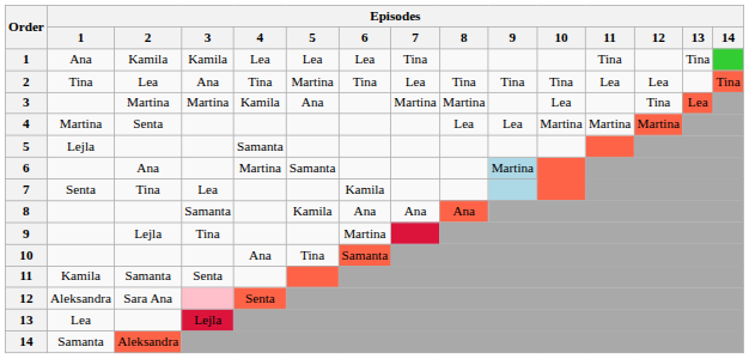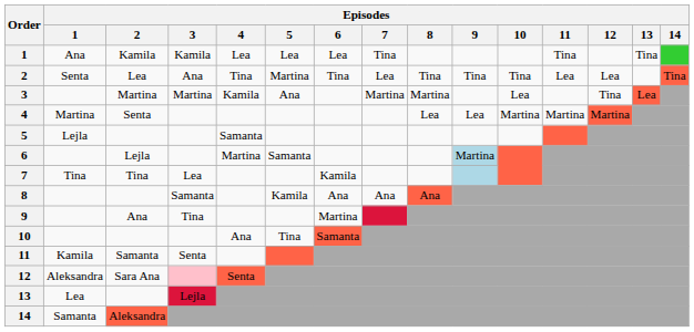 <table class="wikitable" style="text-align:center; font-size:92%">
 <tr>
 <th rowspan=2>Order</th>
 <th colspan=14>Episodes</th>
 </tr>
 <tr>
 <th>1</th>
 <th>2</th>
 <th>3</th>
 <th>4</th>
 <th>5</th>
 <th>6</th>
 <th>7</th>
 <th>8</th>
 <th>9</th>
 <th>10</th>
 <th>11</th>
 <th>12</th>
 <th>13</th>
 <th>14</th>
 </tr>
 <tr>
 <th>1</th>
 <td>Ana</td>
 <td>Kamila</td>
 <td>Kamila</td>
 <td>Lea</td>
 <td>Lea</td>
 <td>Lea</td>
 <td>Tina</td>
 <td></td>
 <td></td>
 <td></td>
 <td>Tina</td>
 <td></td>
 <td>Tina</td>
 <td style="background:limegreen;"></td>
 </tr>
 <tr>
 <th>2</th>
-<td>Tina</td>
+<td>Senta</td>
 <td>Lea</td>
 <td>Ana</td>
 <td>Tina</td>
 <td>Martina</td>
 <td>Tina</td>
 <td>Lea</td>
 <td>Tina</td>
 <td>Tina</td>
 <td>Tina</td>
 <td>Lea</td>
 <td>Lea</td>
 <td></td>
 <td style="background:tomato;">Tina</td>
 </tr>
 <tr>
 <th>3</th>
 <td></td>
 <td>Martina</td>
 <td>Martina</td>
 <td>Kamila</td>
 <td>Ana</td>
 <td></td>
 <td>Martina</td>
 <td>Martina</td>
 <td></td>
 <td>Lea</td>
 <td></td>
 <td>Tina</td>
 <td style="background:tomato;">Lea</td>
 <td style="background:darkgray;" colspan="1"></td>
 </tr>
 <tr>
 <th>4</th>
 <td>Martina</td>
 <td>Senta</td>
 <td></td>
 <td></td>
 <td></td>
 <td></td>
 <td></td>
 <td>Lea</td>
 <td>Lea</td>
 <td>Martina</td>
 <td>Martina</td>
 <td style="background:tomato;">Martina</td>
 <td style="background:darkgray;" colspan="2"></td>
 </tr>
 <tr>
 <th>5</th>
 <td>Lejla</td>
 <td></td>
 <td></td>
 <td>Samanta</td>
 <td></td>
 <td></td>
 <td></td>
 <td></td>
 <td></td>
 <td></td>
 <td style="background:tomato;"></td>
 <td style="background:darkgray;" colspan="3"></td>
 </tr>
 <tr>
 <th>6</th>
 <td></td>
-<td>Ana</td>
+<td>Lejla</td>
 <td></td>
 <td>Martina</td>
 <td>Samanta</td>
 <td></td>
 <td></td>
 <td></td>
 <td bgcolor="lightblue">Martina</td>
 <td rowspan="2" style="background:tomato;"><br></td>
 <td style="background:darkgray;" colspan="4"></td>
 </tr>
 <tr>
 <th>7</th>
-<td>Senta</td>
+<td>Tina</td>
 <td>Tina</td>
 <td>Lea</td>
 <td></td>
 <td></td>
 <td>Kamila</td>
 <td></td>
 <td></td>
 <td bgcolor="lightblue"></td>
 <td style="background:darkgray;" colspan="4"></td>
 </tr>
 <tr>
 <th>8</th>
 <td></td>
 <td></td>
 <td>Samanta</td>
 <td></td>
 <td>Kamila</td>
 <td>Ana</td>
 <td>Ana</td>
 <td style="background:tomato;">Ana</td>
 <td style="background:darkgray;" colspan="6"></td>
 </tr>
 <tr>
 <th>9</th>
 <td></td>
-<td>Lejla</td>
+<td>Ana</td>
 <td>Tina</td>
 <td></td>
 <td></td>
 <td>Martina</td>
 <td bgcolor=crimson></td>
 <td style="background:darkgray;" colspan="11"></td>
 </tr>
 <tr>
 <th>10</th>
 <td></td>
 <td></td>
 <td></td>
 <td>Ana</td>
 <td>Tina</td>
 <td style="background:tomato;">Samanta</td>
 <td style="background:darkgray;" colspan="8"></td>
 </tr>
 <tr>
 <th>11</th>
 <td>Kamila</td>
 <td>Samanta</td>
 <td>Senta</td>
 <td></td>
 <td style="background:tomato;"></td>
 <td style="background:darkgray;" colspan="9"></td>
 </tr>
 <tr>
 <th>12</th>
 <td>Aleksandra</td>
 <td>Sara Ana</td>
 <td bgcolor="pink"></td>
 <td style="background:tomato;">Senta</td>
 <td style="background:darkgray;" colspan="10"></td>
 </tr>
 <tr>
 <th>13</th>
 <td>Lea</td>
 <td></td>
 <td style="background:crimson;"><span>Lejla</span></td>
 <td style="background:darkgray;" colspan="11"></td>
 </tr>
 <tr>
 <th>14</th>
 <td>Samanta</td>
 <td style="background:tomato;">Aleksandra</td>
 <td style="background:darkgray;" colspan="12"></td>
 </tr>
 </table>
